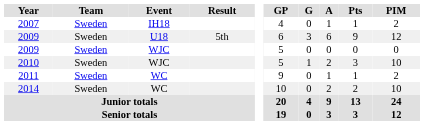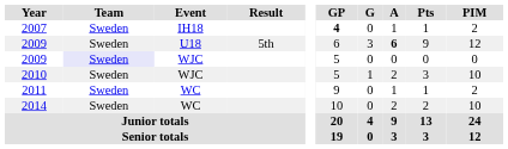 <table border="0" cellpadding="1" cellspacing="0" style="text-align:center; width:40em">
 <tr ALIGN="center" bgcolor="#e0e0e0">
 <th>Year</th>
 <th>Team</th>
 <th>Event</th>
 <th>Result</th>
 <th rowspan="99" bgcolor="#ffffff"> </th>
 <th>GP</th>
 <th>G</th>
 <th>A</th>
 <th>Pts</th>
 <th>PIM</th>
 </tr>
 <tr>
 <td><a href='#'>2007</a></td>
 <td><a href='#'>Sweden</a></td>
 <td><a href='#'>IH18</a></td>
 <td></td>
-<td>4</td>
+<td><strong>4</strong></td>
 <td>0</td>
 <td>1</td>
 <td>1</td>
 <td>2</td>
 </tr>
 <tr bgcolor="#f0f0f0">
 <td><a href='#'>2009</a></td>
 <td>Sweden</td>
 <td><a href='#'>U18</a></td>
 <td>5th</td>
 <td>6</td>
 <td>3</td>
-<td>6</td>
+<td><strong>6</strong></td>
 <td>9</td>
 <td>12</td>
 </tr>
 <tr>
 <td><a href='#'>2009</a></td>
-<td><a href='#'>Sweden</a></td>
+<td style="background: lavender;"><a href='#'>Sweden</a></td>
 <td><a href='#'>WJC</a></td>
 <td></td>
 <td>5</td>
 <td>0</td>
 <td>0</td>
 <td>0</td>
 <td>0</td>
 </tr>
 <tr bgcolor="#f0f0f0">
 <td><a href='#'>2010</a></td>
 <td>Sweden</td>
 <td>WJC</td>
 <td></td>
 <td>5</td>
 <td>1</td>
 <td>2</td>
 <td>3</td>
 <td>10</td>
 </tr>
 <tr>
 <td><a href='#'>2011</a></td>
 <td><a href='#'>Sweden</a></td>
 <td><a href='#'>WC</a></td>
 <td></td>
 <td>9</td>
 <td>0</td>
 <td>1</td>
 <td>1</td>
 <td>2</td>
 </tr>
 <tr bgcolor="#f0f0f0">
 <td><a href='#'>2014</a></td>
 <td>Sweden</td>
 <td>WC</td>
 <td></td>
 <td>10</td>
 <td>0</td>
 <td>2</td>
 <td>2</td>
 <td>10</td>
 </tr>
 <tr bgcolor="#e0e0e0">
 <th colspan=4>Junior totals</th>
 <th>20</th>
 <th>4</th>
 <th>9</th>
 <th>13</th>
 <th>24</th>
 </tr>
 <tr bgcolor="#e0e0e0">
 <th colspan=4>Senior totals</th>
 <th>19</th>
 <th>0</th>
 <th>3</th>
 <th>3</th>
 <th>12</th>
 </tr>
 </table>
